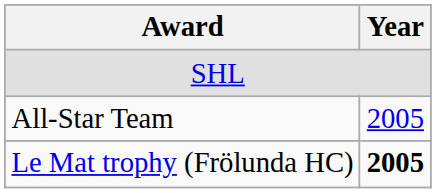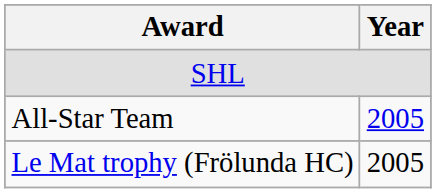 <table class="wikitable">
 <tr>
 <th>Award</th>
 <th>Year</th>
 </tr>
 <tr ALIGN="center" bgcolor="#e0e0e0">
 <td colspan="2"><a href='#'>SHL</a></td>
 </tr>
 <tr>
 <td>All-Star Team</td>
 <td><a href='#'>2005</a></td>
 </tr>
 <tr>
 <td><a href='#'>Le Mat trophy</a> (Frölunda HC)</td>
-<td><strong>2005</strong></td>
+<td>2005</td>
 </tr>
 </table>
